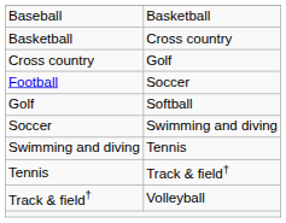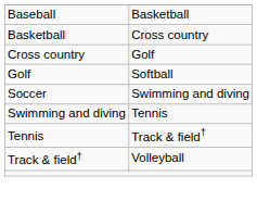 <table class="wikitable" style=" ;">
 <tr>
 </tr>
 <tr>
 <td>Baseball</td>
 <td>Basketball</td>
 </tr>
 <tr>
 <td>Basketball</td>
 <td>Cross country</td>
 </tr>
 <tr>
 <td>Cross country</td>
 <td>Golf</td>
-</tr>
-<tr>
-<td><a href='#'>Football</a></td>
-<td>Soccer</td>
 </tr>
 <tr>
 <td>Golf</td>
 <td>Softball</td>
 </tr>
 <tr>
 <td>Soccer</td>
 <td>Swimming and diving</td>
 </tr>
 <tr>
 <td>Swimming and diving</td>
 <td>Tennis</td>
 </tr>
 <tr>
 <td>Tennis</td>
 <td>Track & field<sup>†</sup></td>
 </tr>
 <tr>
 <td>Track & field<sup>†</sup></td>
 <td>Volleyball</td>
 </tr>
 <tr>
 <td colspan="2"></td>
 </tr>
 </table>
